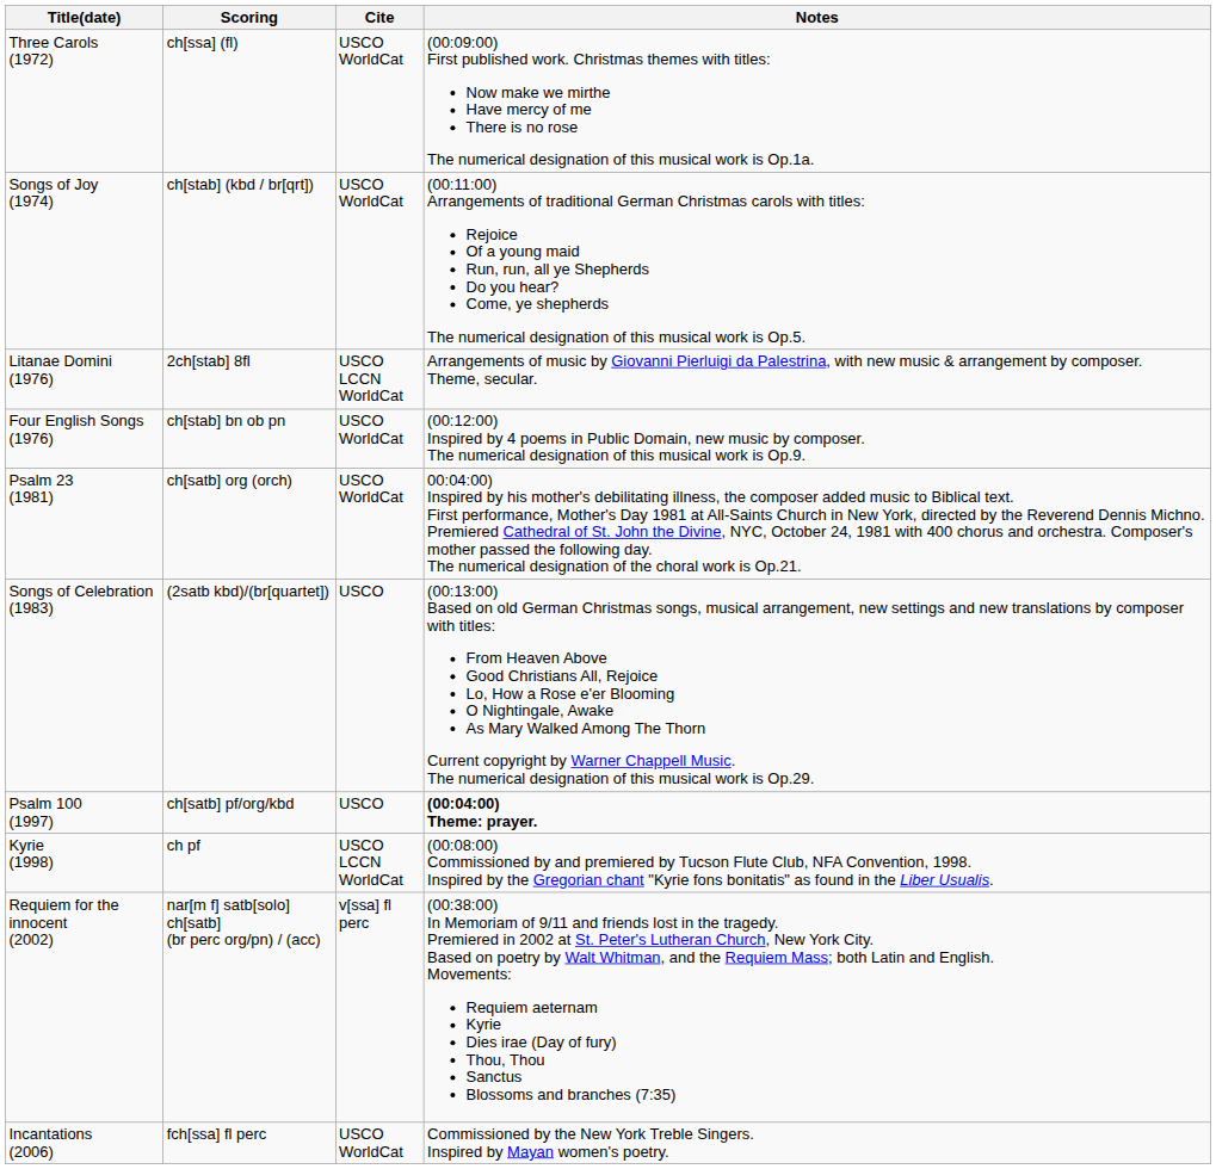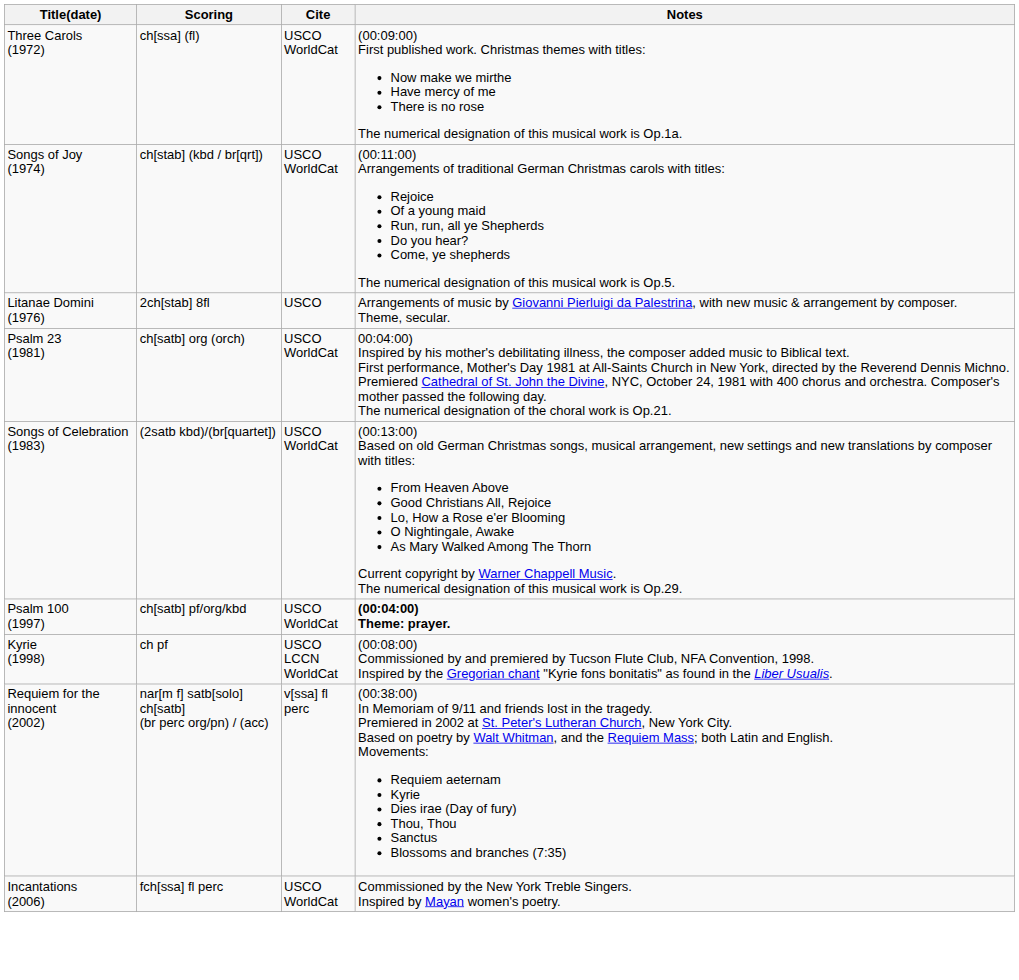 <table class="sortable wikitable" style="margins:auto; width=95%;">
 <tr>
 <th width="">Title(date)</th>
 <th width="">Scoring</th>
 <th width="">Cite</th>
 <th width="">Notes</th>
 </tr>
 <tr valign="top">
 <td>Three Carols<br>(1972)</td>
 <td>ch[ssa] (fl)</td>
 <td>USCO <br>WorldCat </td>
 <td>(00:09:00)<br>First published work.  Christmas themes with titles:<ul><li>Now make we mirthe</li><li>Have mercy of me</li><li>There is no rose</li></ul>The numerical designation of this musical work is Op.1a.</td>
 </tr>
 <tr valign="top">
 <td>Songs of Joy<br>(1974)</td>
 <td>ch[stab] (kbd / br[qrt])</td>
 <td>USCO<br>WorldCat</td>
 <td>(00:11:00)<br>Arrangements of traditional German Christmas carols with titles:<ul><li>Rejoice</li><li>Of a young maid</li><li>Run, run, all ye Shepherds</li><li>Do you hear?</li><li>Come, ye shepherds</li></ul>The numerical designation of this musical work is Op.5.</td>
 </tr>
 <tr valign="top">
 <td>Litanae Domini<br>(1976)</td>
 <td>2ch[stab] 8fl</td>
-<td>USCO<br>LCCN<br>WorldCat</td>
+<td>USCO</td>
 <td>Arrangements of music by <a href='#'>Giovanni Pierluigi da Palestrina</a>, with new music & arrangement by composer.<br>Theme, secular.</td>
-</tr>
-<tr valign="top">
-<td>Four English Songs<br>(1976)</td>
-<td>ch[stab] bn ob pn</td>
-<td>USCO<br>WorldCat</td>
-<td>(00:12:00)<br>Inspired by 4 poems in Public Domain, new music by composer.<br>The numerical designation of this musical work is Op.9.</td>
 </tr>
 <tr valign="top">
 <td>Psalm 23<br>(1981)</td>
 <td>ch[satb] org (orch)</td>
 <td>USCO<br>WorldCat</td>
 <td>00:04:00)<br>Inspired by his mother's debilitating illness, the composer added music to Biblical text.<br>First performance, Mother's Day 1981 at All-Saints Church in New York, directed by the Reverend Dennis Michno.<br>Premiered <a href='#'>Cathedral of St. John the Divine</a>, NYC, October 24, 1981 with 400 chorus and orchestra. Composer's mother passed the following day.<br>The numerical designation of the choral work is Op.21.</td>
 </tr>
 <tr valign="top">
 <td>Songs of Celebration<br>(1983)</td>
 <td>(2satb kbd)/(br[quartet])</td>
-<td>USCO</td>
+<td>USCO<br>WorldCat</td>
 <td>(00:13:00)<br>Based on old German Christmas songs, musical arrangement, new settings and new translations by composer with titles:<ul><li>From Heaven Above</li><li>Good Christians All, Rejoice</li><li>Lo, How a Rose e'er Blooming</li><li>O Nightingale, Awake</li><li>As Mary Walked Among The Thorn</li></ul>Current copyright by <a href='#'>Warner Chappell Music</a>.<br>The numerical designation of this musical work is Op.29.</td>
 </tr>
 <tr valign="top">
 <td>Psalm 100<br>(1997)</td>
 <td>ch[satb] pf/org/kbd</td>
-<td>USCO</td>
+<td>USCO<br>WorldCat</td>
 <td><strong>(00:04:00)<br>Theme: prayer.</strong></td>
 </tr>
 <tr valign="top">
 <td>Kyrie<br>(1998)</td>
 <td>ch pf</td>
 <td>USCO<br>LCCN<br>WorldCat</td>
 <td>(00:08:00)<br>Commissioned by and premiered by Tucson Flute Club, NFA Convention, 1998.<br>Inspired by the <a href='#'>Gregorian chant</a> "Kyrie fons bonitatis" as found in the <em><a href='#'>Liber Usualis</a></em>.</td>
 </tr>
 <tr valign="top">
 <td>Requiem for the innocent<br>(2002)</td>
 <td>nar[m f] satb[solo] ch[satb]<br>(br perc org/pn) / (acc)</td>
 <td>v[ssa] fl perc</td>
 <td>(00:38:00)<br>In Memoriam of 9/11 and friends lost in the tragedy.<br>Premiered in 2002 at <a href='#'>St. Peter's Lutheran Church</a>, New York City.<br>Based on poetry by <a href='#'>Walt Whitman</a>, and the <a href='#'>Requiem Mass</a>; both Latin and English.<br>Movements:<ul><li>Requiem aeternam</li><li>Kyrie</li><li>Dies irae (Day of fury)</li><li>Thou, Thou</li><li>Sanctus</li><li>Blossoms and branches (7:35)</li></ul></td>
 </tr>
 <tr valign="top">
 <td>Incantations<br>(2006)</td>
 <td>fch[ssa] fl perc</td>
 <td>USCO<br>WorldCat</td>
 <td>Commissioned by the New York Treble Singers.<br>Inspired by <a href='#'>Mayan</a> women's poetry.</td>
 </tr>
 </table>
